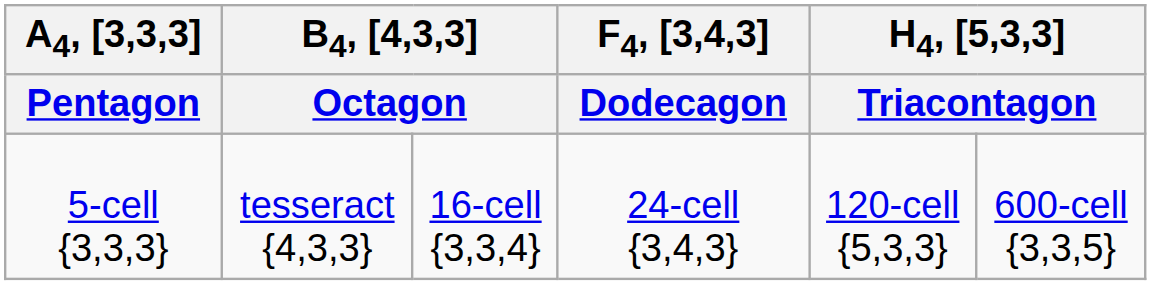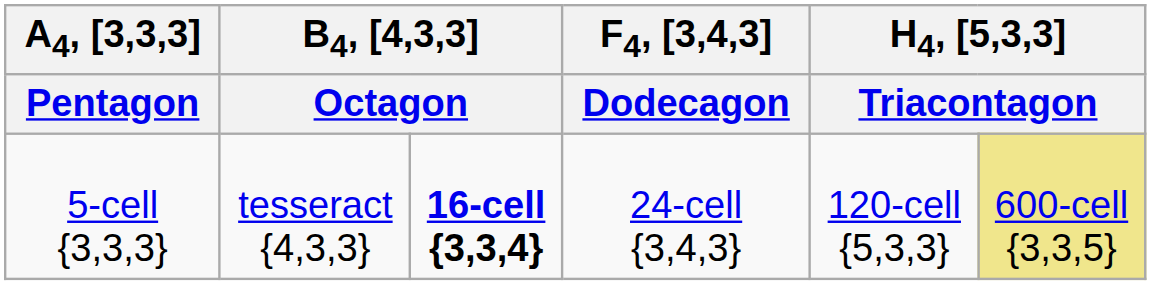 <table class=wikitable width=480>
 <tr>
 <th>A<sub>4</sub>, [3,3,3]</th>
 <th colspan=2>B<sub>4</sub>, [4,3,3]</th>
 <th>F<sub>4</sub>, [3,4,3]</th>
 <th colspan=2>H<sub>4</sub>, [5,3,3]</th>
 </tr>
 <tr>
 <th><a href='#'>Pentagon</a></th>
 <th colspan=2><a href='#'>Octagon</a></th>
 <th><a href='#'>Dodecagon</a></th>
 <th colspan=2><a href='#'>Triacontagon</a></th>
 </tr>
 <tr align=center>
 <td><br><a href='#'>5-cell</a><br>{3,3,3}</td>
 <td><br><a href='#'>tesseract</a><br>{4,3,3}</td>
-<td><br><a href='#'>16-cell</a><br>{3,3,4}</td>
+<td><strong><br><a href='#'>16-cell</a><br>{3,3,4}</strong></td>
 <td><br><a href='#'>24-cell</a><br>{3,4,3}</td>
 <td><br><a href='#'>120-cell</a><br>{5,3,3}</td>
-<td><br><a href='#'>600-cell</a><br>{3,3,5}</td>
+<td style="background: khaki;"><br><a href='#'>600-cell</a><br>{3,3,5}</td>
 </tr>
 </table>
